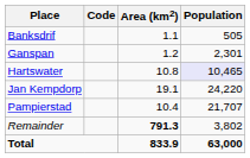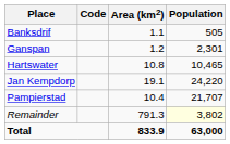 <table class="wikitable sortable">
 <tr>
 <th>Place</th>
 <th>Code</th>
 <th>Area (km<sup>2</sup>)</th>
 <th>Population</th>
 </tr>
 <tr>
 <td><a href='#'>Banksdrif</a></td>
 <td></td>
 <td align=right>1.1</td>
 <td align=right>505</td>
 </tr>
 <tr>
 <td><a href='#'>Ganspan</a></td>
 <td></td>
 <td align=right>1.2</td>
 <td align=right>2,301</td>
 </tr>
 <tr>
 <td><a href='#'>Hartswater</a></td>
 <td></td>
 <td align=right>10.8</td>
-<td align=right style="background: lavender;">10,465</td>
+<td align=right>10,465</td>
 </tr>
 <tr>
 <td><a href='#'>Jan Kempdorp</a></td>
 <td></td>
 <td align=right>19.1</td>
 <td align=right>24,220</td>
 </tr>
 <tr>
 <td><a href='#'>Pampierstad</a></td>
 <td></td>
 <td align=right>10.4</td>
 <td align=right>21,707</td>
 </tr>
 <tr>
 <td><em>Remainder</em></td>
 <td></td>
-<td align=right><strong>791.3</strong></td>
-<td align=right>3,802</td>
+<td align=right>791.3</td>
+<td align=right style="background: lightyellow;">3,802</td>
 </tr>
 <tr>
 <td colspan=2><strong>Total</strong></td>
 <td align=right><strong>833.9</strong></td>
 <td align=right><strong>63,000</strong></td>
 </tr>
 </table>
